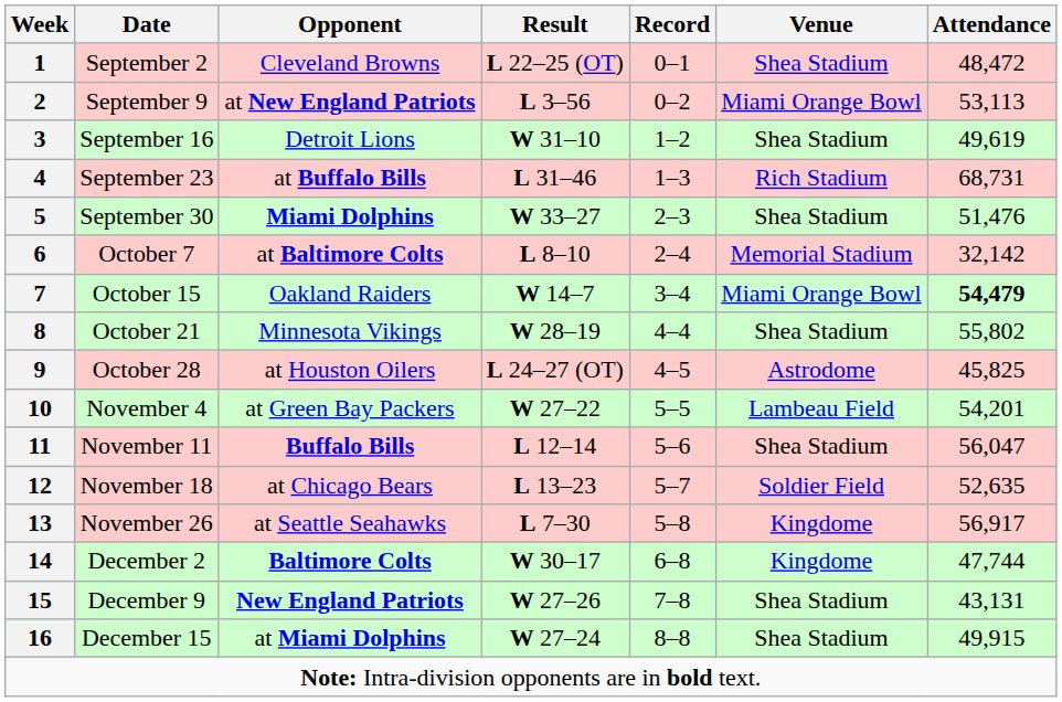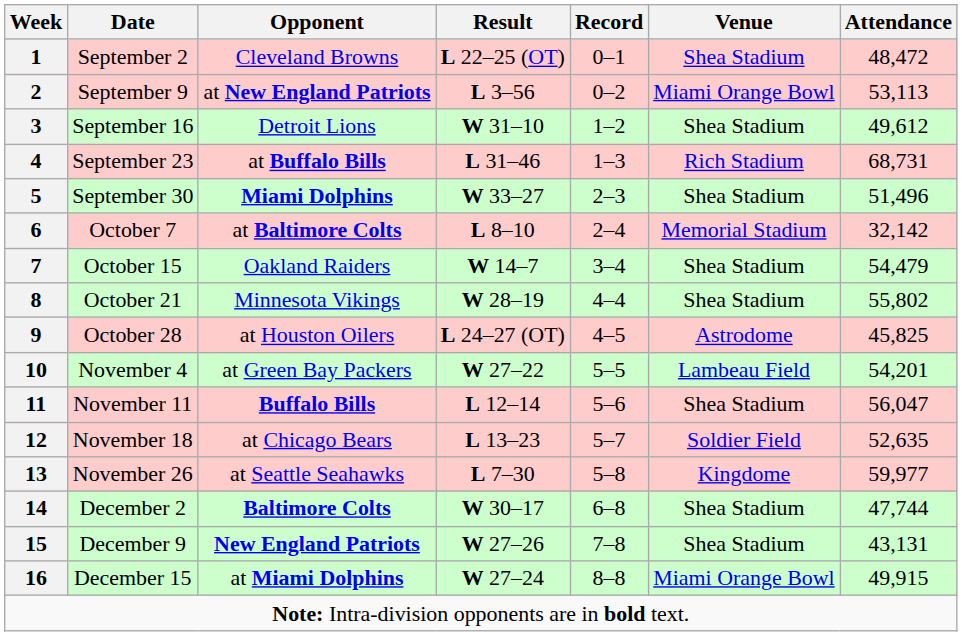 <table class="wikitable" style="text-align:center">
 <tr>
 <th>Week</th>
 <th>Date</th>
 <th>Opponent</th>
 <th>Result</th>
 <th>Record</th>
 <th>Venue</th>
 <th>Attendance</th>
 </tr>
 <tr style="background:#fcc">
 <th>1</th>
 <td>September 2</td>
 <td><a href='#'>Cleveland Browns</a></td>
 <td><strong>L</strong> 22–25 (<a href='#'>OT</a>)</td>
 <td>0–1</td>
 <td><a href='#'>Shea Stadium</a></td>
 <td>48,472</td>
 </tr>
 <tr style="background:#fcc">
 <th>2</th>
 <td>September 9</td>
 <td>at <strong><a href='#'>New England Patriots</a></strong></td>
 <td><strong>L</strong> 3–56</td>
 <td>0–2</td>
 <td><a href='#'>Miami Orange Bowl</a></td>
 <td>53,113</td>
 </tr>
 <tr style="background:#cfc">
 <th>3</th>
 <td>September 16</td>
 <td><a href='#'>Detroit Lions</a></td>
 <td><strong>W</strong> 31–10</td>
 <td>1–2</td>
 <td>Shea Stadium</td>
-<td>49,619</td>
+<td>49,612</td>
 </tr>
 <tr style="background:#fcc">
 <th>4</th>
 <td>September 23</td>
 <td>at <strong><a href='#'>Buffalo Bills</a></strong></td>
 <td><strong>L</strong> 31–46</td>
 <td>1–3</td>
 <td><a href='#'>Rich Stadium</a></td>
 <td>68,731</td>
 </tr>
 <tr style="background:#cfc">
 <th>5</th>
 <td>September 30</td>
 <td><strong><a href='#'>Miami Dolphins</a></strong></td>
 <td><strong>W</strong> 33–27</td>
 <td>2–3</td>
 <td>Shea Stadium</td>
-<td>51,476</td>
+<td>51,496</td>
 </tr>
 <tr style="background:#fcc">
 <th>6</th>
 <td>October 7</td>
 <td>at <strong><a href='#'>Baltimore Colts</a></strong></td>
 <td><strong>L</strong> 8–10</td>
 <td>2–4</td>
 <td><a href='#'>Memorial Stadium</a></td>
 <td>32,142</td>
 </tr>
 <tr style="background:#cfc">
 <th>7</th>
 <td>October 15</td>
 <td><a href='#'>Oakland Raiders</a></td>
 <td><strong>W</strong> 14–7</td>
 <td>3–4</td>
-<td><a href='#'>Miami Orange Bowl</a></td>
-<td><strong>54,479</strong></td>
+<td>Shea Stadium</td>
+<td>54,479</td>
 </tr>
 <tr style="background:#cfc">
 <th>8</th>
 <td>October 21</td>
 <td><a href='#'>Minnesota Vikings</a></td>
 <td><strong>W</strong> 28–19</td>
 <td>4–4</td>
 <td>Shea Stadium</td>
 <td>55,802</td>
 </tr>
 <tr style="background:#fcc">
 <th>9</th>
 <td>October 28</td>
 <td>at <a href='#'>Houston Oilers</a></td>
 <td><strong>L</strong> 24–27 (OT)</td>
 <td>4–5</td>
 <td><a href='#'>Astrodome</a></td>
 <td>45,825</td>
 </tr>
 <tr style="background:#cfc">
 <th>10</th>
 <td>November 4</td>
 <td>at <a href='#'>Green Bay Packers</a></td>
 <td><strong>W</strong> 27–22</td>
 <td>5–5</td>
 <td><a href='#'>Lambeau Field</a></td>
 <td>54,201</td>
 </tr>
 <tr style="background:#fcc">
 <th>11</th>
 <td>November 11</td>
 <td><strong><a href='#'>Buffalo Bills</a></strong></td>
 <td><strong>L</strong> 12–14</td>
 <td>5–6</td>
 <td>Shea Stadium</td>
 <td>56,047</td>
 </tr>
 <tr style="background:#fcc">
 <th>12</th>
 <td>November 18</td>
 <td>at <a href='#'>Chicago Bears</a></td>
 <td><strong>L</strong> 13–23</td>
 <td>5–7</td>
 <td><a href='#'>Soldier Field</a></td>
 <td>52,635</td>
 </tr>
 <tr style="background:#fcc">
 <th>13</th>
 <td>November 26</td>
 <td>at <a href='#'>Seattle Seahawks</a></td>
 <td><strong>L</strong> 7–30</td>
 <td>5–8</td>
 <td><a href='#'>Kingdome</a></td>
-<td>56,917</td>
+<td>59,977</td>
 </tr>
 <tr style="background:#cfc">
 <th>14</th>
 <td>December 2</td>
 <td><strong><a href='#'>Baltimore Colts</a></strong></td>
 <td><strong>W</strong> 30–17</td>
 <td>6–8</td>
-<td><a href='#'>Kingdome</a></td>
+<td>Shea Stadium</td>
 <td>47,744</td>
 </tr>
 <tr style="background:#cfc">
 <th>15</th>
 <td>December 9</td>
 <td><strong><a href='#'>New England Patriots</a></strong></td>
 <td><strong>W</strong> 27–26</td>
 <td>7–8</td>
 <td>Shea Stadium</td>
 <td>43,131</td>
 </tr>
 <tr style="background:#cfc">
 <th>16</th>
 <td>December 15</td>
 <td>at <strong><a href='#'>Miami Dolphins</a></strong></td>
 <td><strong>W</strong> 27–24</td>
 <td>8–8</td>
-<td>Shea Stadium</td>
+<td><a href='#'>Miami Orange Bowl</a></td>
 <td>49,915</td>
 </tr>
 <tr>
 <td colspan="8"><strong>Note:</strong> Intra-division opponents are in <strong>bold</strong> text.</td>
 </tr>
 </table>
